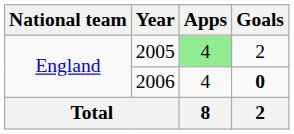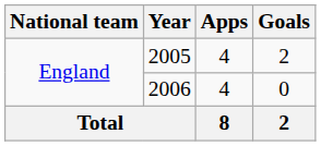 <table class=wikitable style="text-align: center;">
 <tr>
 <th>National team</th>
 <th>Year</th>
 <th>Apps</th>
 <th>Goals</th>
 </tr>
 <tr>
 <td rowspan="2"><a href='#'>England</a></td>
 <td>2005</td>
-<td style="background: lightgreen;">4</td>
+<td>4</td>
 <td>2</td>
 </tr>
 <tr>
 <td>2006</td>
 <td>4</td>
-<td><strong>0</strong></td>
+<td>0</td>
 </tr>
 <tr>
 <th colspan="2">Total</th>
 <th>8</th>
 <th>2</th>
 </tr>
 </table>
